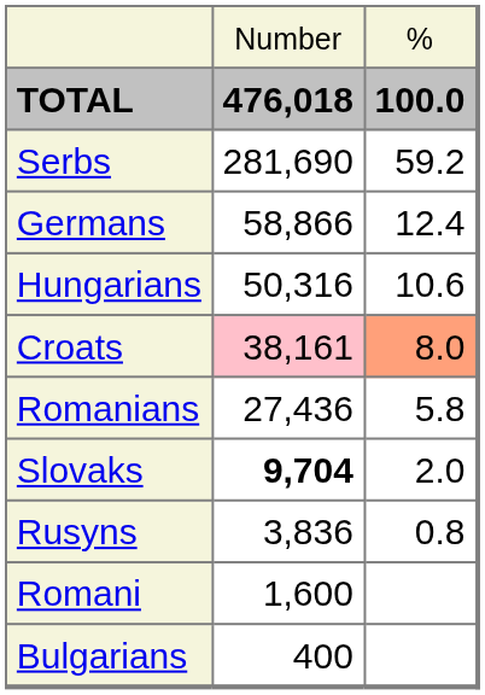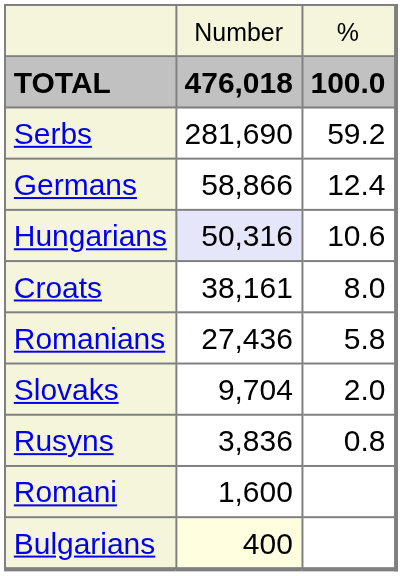 <table border=1 cellpadding=4 cellspacing=0 class="toccolours" style="align: left; margin: 0.5em 0 0 0; border-style: solid; border: 1px solid #7f7f7f; border-right-width: 2px; border-bottom-width: 2px; border-collapse: collapse; font-size: 95%;">
 <tr>
 <td style="background:#F5F5DC;"></td>
 <td style="background:#F5F5DC;" align="center"><small>Number</small></td>
 <td style="background:#F5F5DC;" align="center"><small>%</small></td>
 </tr>
 <tr>
 <td style="background:#c1c1c1;"><strong>TOTAL</strong></td>
 <td colspan=1 style="background:#c1c1c1;" align="center"><strong>476,018</strong></td>
 <td colspan=1 style="background:#c1c1c1;" align="center"><strong>100.0</strong></td>
 </tr>
 <tr>
 <td style="background:#F5F5DC;"><a href='#'>Serbs</a></td>
 <td align="right">281,690</td>
 <td align="right">59.2</td>
 </tr>
 <tr>
 <td style="background:#F5F5DC;"><a href='#'>Germans</a></td>
 <td align="right">58,866</td>
 <td align="right">12.4</td>
 </tr>
 <tr>
 <td style="background:#F5F5DC;"><a href='#'>Hungarians</a></td>
-<td align="right">50,316</td>
+<td align="right" style="background: lavender;">50,316</td>
 <td align="right">10.6</td>
 </tr>
 <tr>
 <td style="background:#F5F5DC;"><a href='#'>Croats</a></td>
-<td align="right" style="background: pink;">38,161</td>
-<td align="right" style="background: lightsalmon;">8.0</td>
+<td align="right">38,161</td>
+<td align="right">8.0</td>
 </tr>
 <tr>
 <td style="background:#F5F5DC;"><a href='#'>Romanians</a></td>
 <td align="right">27,436</td>
 <td align="right">5.8</td>
 </tr>
 <tr>
 <td style="background:#F5F5DC;"><a href='#'>Slovaks</a></td>
-<td align="right"><strong>9,704</strong></td>
+<td align="right">9,704</td>
 <td align="right">2.0</td>
 </tr>
 <tr>
 <td style="background:#F5F5DC;"><a href='#'>Rusyns</a></td>
 <td align="right">3,836</td>
 <td align="right">0.8</td>
 </tr>
 <tr>
 <td style="background:#F5F5DC;"><a href='#'>Romani</a></td>
 <td align="right">1,600</td>
 <td align="right"></td>
 </tr>
 <tr>
 <td style="background:#F5F5DC;"><a href='#'>Bulgarians</a></td>
-<td align="right">400</td>
+<td align="right" style="background: lightyellow;">400</td>
 <td align="right"></td>
 </tr>
 <tr>
 </tr>
 </table>
